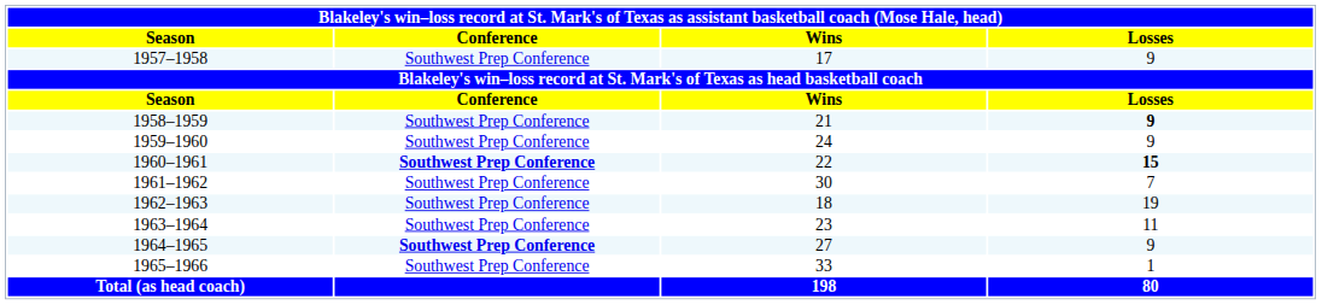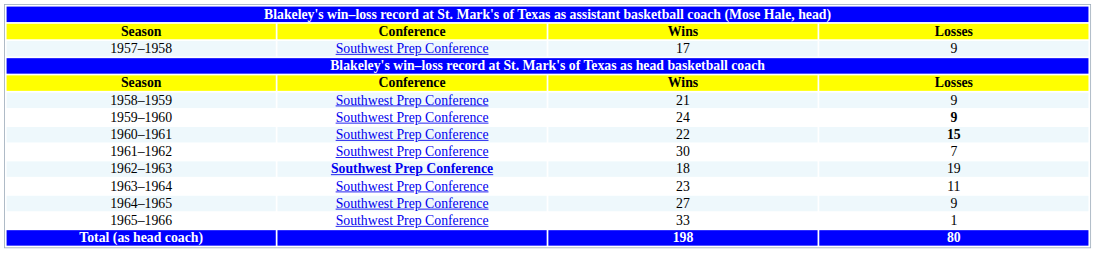 <table width="100%" border="0" cellpadding="0" style="border:1px solid #A3B1BF; color: black; background-color: white;">
 <tr valign="bottom" style="text-align:center">
 <td colspan="4" style="color: white; background:#0000ff"><strong>Blakeley's win–loss record at St. Mark's of Texas as assistant basketball coach (Mose Hale, head)</strong></td>
 </tr>
 <tr valign="bottom" style="text-align:center">
 <td width="20%"; style="color: black; background-color:#FFFF00"><strong>Season</strong></td>
 <td width="20%"; style="color: black; background-color:#FFFF00"><strong>Conference</strong></td>
 <td width="20%"; style="color: black; background-color:#FFFF00"><strong>Wins</strong></td>
 <td width="20%"; style="color: black; background-color:#FFFF00"><strong>Losses</strong></td>
 </tr>
 <tr valign="bottom" style="text-align:center">
 <td width="20%"; style="background-color:#EEF8FC">1957–1958</td>
 <td width="20%"; style="background-color:#EEF8FC"><a href='#'>Southwest Prep Conference</a></td>
 <td width="20%"; style="background-color:#EEF8FC">17</td>
 <td width="20%"; style="background-color:#EEF8FC">9</td>
 </tr>
 <tr valign="bottom" style="text-align:center">
 <td colspan="4" style="color: white; background:#0000ff"><strong>Blakeley's win–loss record at St. Mark's of Texas as head basketball coach</strong></td>
 </tr>
 <tr valign="bottom" style="text-align:center">
 <td width="20%"; style="color: black; background-color:#FFFF00"><strong>Season</strong></td>
 <td width="20%"; style="color: black; background-color:#FFFF00"><strong>Conference</strong></td>
 <td width="20%"; style="color: black; background-color:#FFFF00"><strong>Wins</strong></td>
 <td width="20%"; style="color: black; background-color:#FFFF00"><strong>Losses</strong></td>
 </tr>
 <tr valign="center" style="text-align:center">
 <td width="20%"; style="background-color:#EEF8FC">1958–1959</td>
 <td width="20%"; style="background-color:#EEF8FC"><a href='#'>Southwest Prep Conference</a></td>
 <td width="20%"; style="background-color:#EEF8FC">21</td>
-<td width="20%"; style="background-color:#EEF8FC"><strong>9</strong></td>
+<td width="20%"; style="background-color:#EEF8FC">9</td>
 </tr>
 <tr valign="center" style="text-align:center">
 <td width="20%" ; style="background-color:white">1959–1960</td>
 <td width="20%" ; style="background-color:white"><a href='#'>Southwest Prep Conference</a></td>
 <td width="20%" ; style="background-color:white">24</td>
-<td width="20%" ; style="background-color:white">9</td>
+<td width="20%" ; style="background-color:white"><strong>9</strong></td>
 </tr>
 <tr valign="center" style="text-align:center">
 <td width="20%"; style="background-color:#EEF8FC">1960–1961</td>
-<td width="20%"; style="background-color:#EEF8FC"><strong><a href='#'>Southwest Prep Conference</a></strong></td>
+<td width="20%"; style="background-color:#EEF8FC"><a href='#'>Southwest Prep Conference</a></td>
 <td width="20%"; style="background-color:#EEF8FC">22</td>
 <td width="20%"; style="background-color:#EEF8FC"><strong>15</strong></td>
 </tr>
 <tr valign="center" style="text-align:center">
 <td width="20%" ; style="background-color:white">1961–1962</td>
 <td width="20%" ; style="background-color:white"><a href='#'>Southwest Prep Conference</a></td>
 <td width="20%" ; style="background-color:white">30</td>
 <td width="20%" ; style="background-color:white">7</td>
 </tr>
 <tr valign="center" style="text-align:center">
 <td width="20%"; style="background-color:#EEF8FC">1962–1963</td>
-<td width="20%"; style="background-color:#EEF8FC"><a href='#'>Southwest Prep Conference</a></td>
+<td width="20%"; style="background-color:#EEF8FC"><strong><a href='#'>Southwest Prep Conference</a></strong></td>
 <td width="20%"; style="background-color:#EEF8FC">18</td>
 <td width="20%"; style="background-color:#EEF8FC">19</td>
 </tr>
 <tr valign="center" style="text-align:center">
 <td width="20%" ; style="background-color:white">1963–1964</td>
 <td width="20%" ; style="background-color:white"><a href='#'>Southwest Prep Conference</a></td>
 <td width="20%" ; style="background-color:white">23</td>
 <td width="20%" ; style="background-color:white">11</td>
 </tr>
 <tr valign="center" style="text-align:center">
 <td width="20%"; style="background-color:#EEF8FC">1964–1965</td>
-<td width="20%"; style="background-color:#EEF8FC"><strong><a href='#'>Southwest Prep Conference</a></strong></td>
+<td width="20%"; style="background-color:#EEF8FC"><a href='#'>Southwest Prep Conference</a></td>
 <td width="20%"; style="background-color:#EEF8FC">27</td>
 <td width="20%"; style="background-color:#EEF8FC">9</td>
 </tr>
 <tr valign="center" style="text-align:center">
 <td width="20%"; style="background-color:white">1965–1966</td>
 <td width="20%"; style="background-color:white"><a href='#'>Southwest Prep Conference</a></td>
 <td width="20%"; style="background-color:white">33</td>
 <td width="20%"; style="background-color:white">1</td>
 </tr>
 <tr valign="center" style="text-align:center; color: white">
 <td width="20%"; style="background-color:#0000ff"><strong>Total (as head coach)</strong></td>
 <td width="20%"; style="background-color:#0000ff"></td>
 <td width="20%"; style="background-color:#0000ff"><strong>198</strong></td>
 <td width="20%"; style="background-color:#0000ff"><strong>80</strong></td>
 </tr>
 </table>
